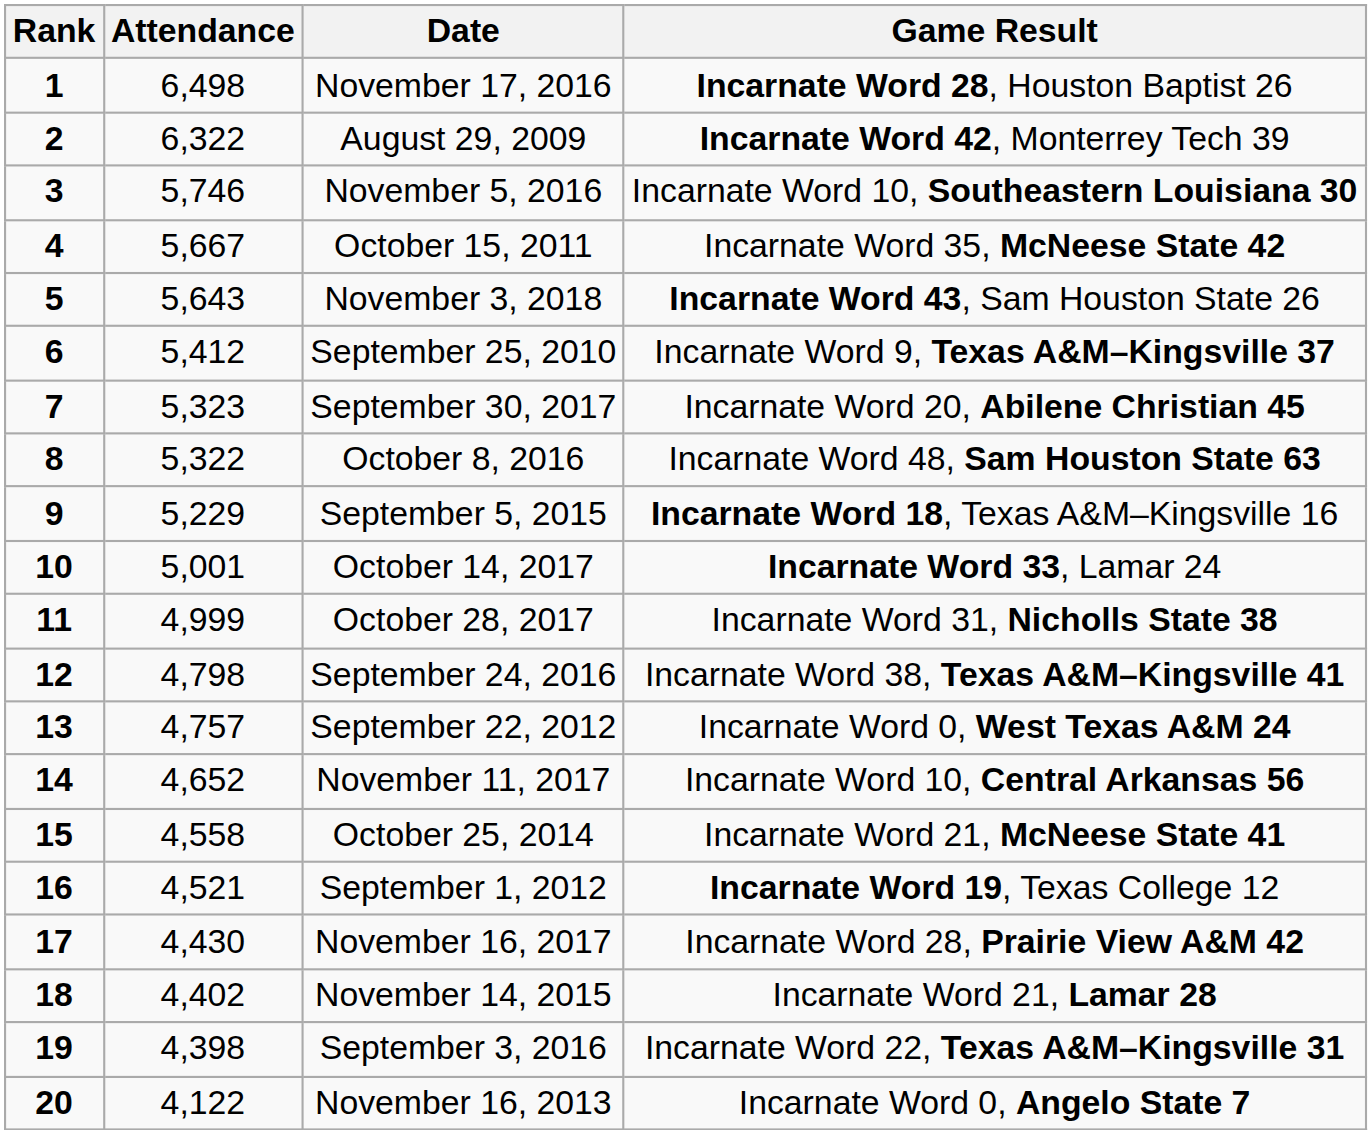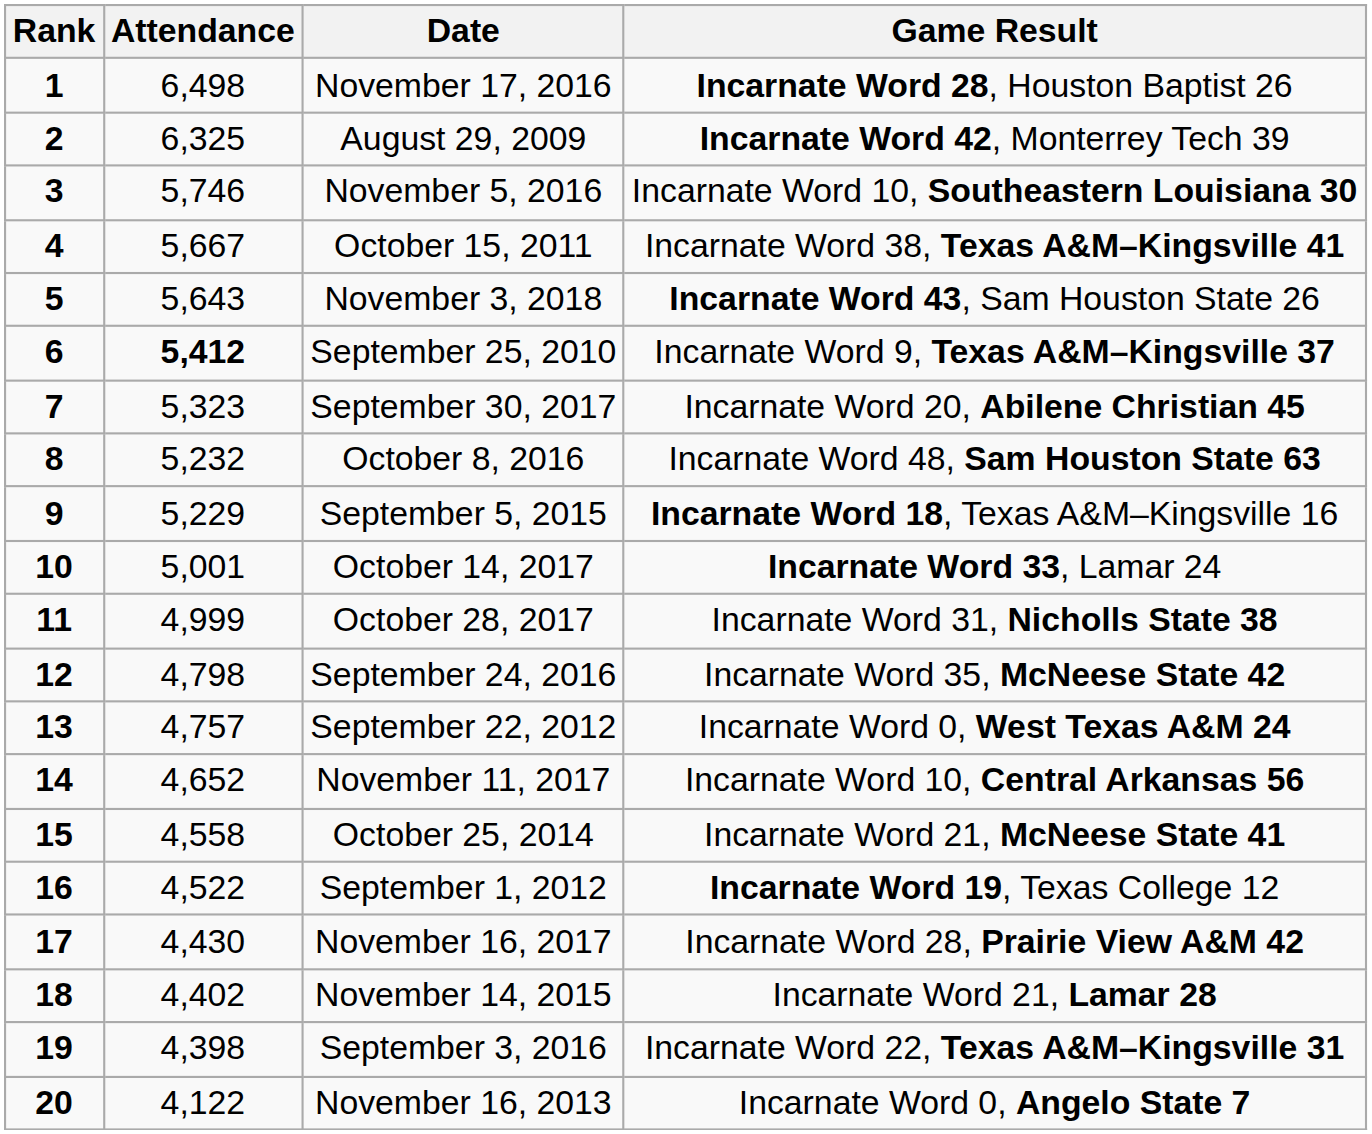 <table class="wikitable">
 <tr>
 <th>Rank</th>
 <th>Attendance</th>
 <th>Date</th>
 <th>Game Result</th>
 </tr>
 <tr align="center">
 <td><strong>1</strong></td>
 <td>6,498</td>
 <td>November 17, 2016</td>
 <td><strong>Incarnate Word 28</strong>, Houston Baptist 26</td>
 </tr>
 <tr align="center">
 <td><strong>2</strong></td>
-<td>6,322</td>
+<td>6,325</td>
 <td>August 29, 2009</td>
 <td><strong>Incarnate Word 42</strong>, Monterrey Tech 39</td>
 </tr>
 <tr align="center">
 <td><strong>3</strong></td>
 <td>5,746</td>
 <td>November 5, 2016</td>
 <td>Incarnate Word 10, <strong>Southeastern Louisiana 30</strong></td>
 </tr>
 <tr align="center">
 <td><strong>4</strong></td>
 <td>5,667</td>
 <td>October 15, 2011</td>
-<td>Incarnate Word 35, <strong> McNeese State 42</strong></td>
+<td>Incarnate Word 38, <strong>Texas A&M–Kingsville 41</strong></td>
 </tr>
 <tr align="center">
 <td><strong>5</strong></td>
 <td>5,643</td>
 <td>November 3, 2018</td>
 <td><strong>Incarnate Word 43</strong>,  Sam Houston State 26</td>
 </tr>
 <tr align="center">
 <td><strong>6</strong></td>
-<td>5,412</td>
+<td><strong>5,412</strong></td>
 <td>September 25, 2010</td>
 <td>Incarnate Word 9, <strong> Texas A&M–Kingsville 37</strong></td>
 </tr>
 <tr align="center">
 <td><strong>7</strong></td>
 <td>5,323</td>
 <td>September 30, 2017</td>
 <td>Incarnate Word 20, <strong>Abilene Christian 45</strong></td>
 </tr>
 <tr align="center">
 <td><strong>8</strong></td>
-<td>5,322</td>
+<td>5,232</td>
 <td>October 8, 2016</td>
 <td>Incarnate Word 48, <strong> Sam Houston State 63</strong></td>
 </tr>
 <tr align="center">
 <td><strong>9</strong></td>
 <td>5,229</td>
 <td>September 5, 2015</td>
 <td><strong>Incarnate Word 18</strong>, Texas A&M–Kingsville 16</td>
 </tr>
 <tr align="center">
 <td><strong>10</strong></td>
 <td>5,001</td>
 <td>October 14, 2017</td>
 <td><strong>Incarnate Word 33</strong>, Lamar 24</td>
 </tr>
 <tr align="center">
 <td><strong>11</strong></td>
 <td>4,999</td>
 <td>October 28, 2017</td>
 <td>Incarnate Word 31, <strong>Nicholls State 38</strong></td>
 </tr>
 <tr align="center">
 <td><strong>12</strong></td>
 <td>4,798</td>
 <td>September 24, 2016</td>
-<td>Incarnate Word 38, <strong>Texas A&M–Kingsville 41</strong></td>
+<td>Incarnate Word 35, <strong> McNeese State 42</strong></td>
 </tr>
 <tr align="center">
 <td><strong>13</strong></td>
 <td>4,757</td>
 <td>September 22, 2012</td>
 <td>Incarnate Word 0, <strong> West Texas A&M 24</strong></td>
 </tr>
 <tr align="center">
 <td><strong>14</strong></td>
 <td>4,652</td>
 <td>November 11, 2017</td>
 <td>Incarnate Word 10, <strong> Central Arkansas 56</strong></td>
 </tr>
 <tr align="center">
 <td><strong>15</strong></td>
 <td>4,558</td>
 <td>October 25, 2014</td>
 <td>Incarnate Word 21, <strong> McNeese State 41</strong></td>
 </tr>
 <tr align="center">
 <td><strong>16</strong></td>
-<td>4,521</td>
+<td>4,522</td>
 <td>September 1, 2012</td>
 <td><strong>Incarnate Word 19</strong>, Texas College 12</td>
 </tr>
 <tr align="center">
 <td><strong>17</strong></td>
 <td>4,430</td>
 <td>November 16, 2017</td>
 <td>Incarnate Word 28, <strong>Prairie View A&M 42</strong></td>
 </tr>
 <tr align="center">
 <td><strong>18</strong></td>
 <td>4,402</td>
 <td>November 14, 2015</td>
 <td>Incarnate Word 21, <strong>Lamar 28</strong></td>
 </tr>
 <tr align="center">
 <td><strong>19</strong></td>
 <td>4,398</td>
 <td>September 3, 2016</td>
 <td>Incarnate Word 22, <strong>Texas A&M–Kingsville 31</strong></td>
 </tr>
 <tr align="center">
 <td><strong>20</strong></td>
 <td>4,122</td>
 <td>November 16, 2013</td>
 <td>Incarnate Word 0, <strong>Angelo State 7</strong></td>
 </tr>
 <tr align="center">
 </tr>
 <tr>
 </tr>
 </table>
